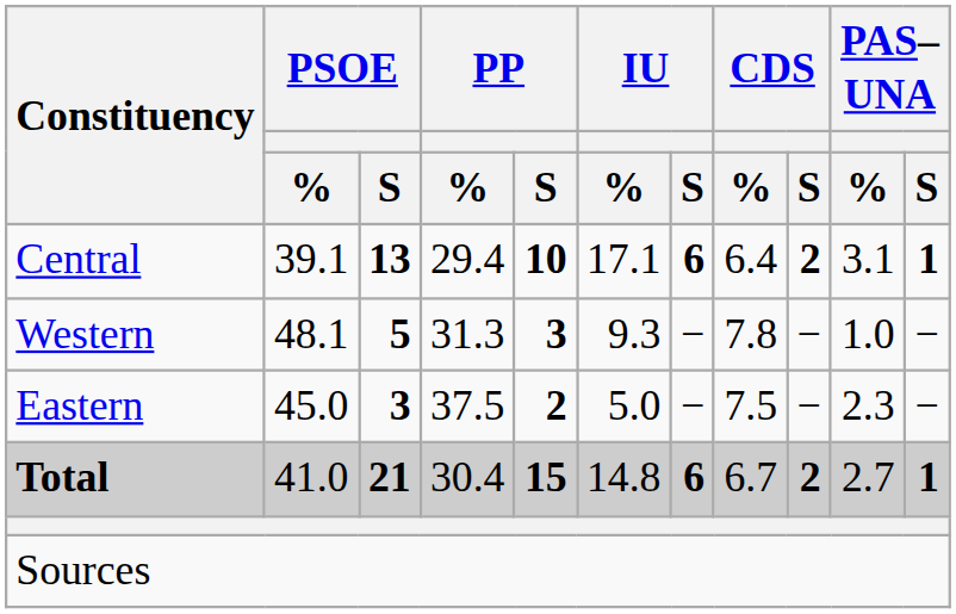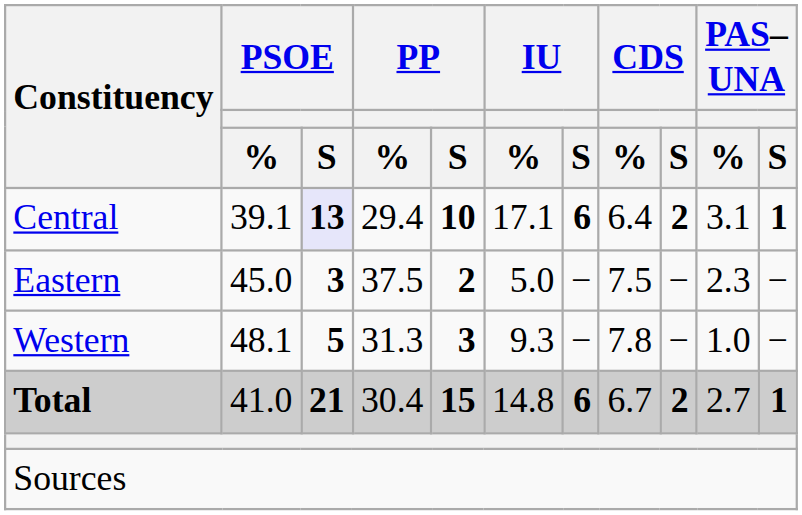 <table class="wikitable sortable" style="text-align:right; line-height:20px;">
 <tr>
 <th rowspan="3">Constituency</th>
 <th colspan="2" width="30px" class="unsortable"><a href='#'>PSOE</a></th>
 <th colspan="2" width="30px" class="unsortable"><a href='#'>PP</a></th>
 <th colspan="2" width="30px" class="unsortable"><a href='#'>IU</a></th>
 <th colspan="2" width="30px" class="unsortable"><a href='#'>CDS</a></th>
 <th colspan="2" width="30px" class="unsortable"><a href='#'>PAS</a>–<a href='#'>UNA</a></th>
 </tr>
 <tr>
 <th colspan="2" style="background:"></th>
 <th colspan="2" style="background:"></th>
 <th colspan="2" style="background:"></th>
 <th colspan="2" style="background:"></th>
 <th colspan="2" style="background:"></th>
 </tr>
 <tr>
 <th data-sort-type="number">%</th>
 <th data-sort-type="number">S</th>
 <th data-sort-type="number">%</th>
 <th data-sort-type="number">S</th>
 <th data-sort-type="number">%</th>
 <th data-sort-type="number">S</th>
 <th data-sort-type="number">%</th>
 <th data-sort-type="number">S</th>
 <th data-sort-type="number">%</th>
 <th data-sort-type="number">S</th>
 </tr>
 <tr>
 <td align="left"><a href='#'>Central</a></td>
 <td style="background:">39.1</td>
-<td><strong>13</strong></td>
+<td style="background: lavender;"><strong>13</strong></td>
 <td>29.4</td>
 <td><strong>10</strong></td>
 <td>17.1</td>
 <td><strong>6</strong></td>
 <td>6.4</td>
 <td><strong>2</strong></td>
 <td>3.1</td>
 <td><strong>1</strong></td>
+</tr>
+<tr>
+<td align="left"><a href='#'>Eastern</a></td>
+<td style="background:">45.0</td>
+<td><strong>3</strong></td>
+<td>37.5</td>
+<td><strong>2</strong></td>
+<td>5.0</td>
+<td>−</td>
+<td>7.5</td>
+<td>−</td>
+<td>2.3</td>
+<td>−</td>
 </tr>
 <tr>
 <td align="left"><a href='#'>Western</a></td>
 <td style="background:">48.1</td>
 <td><strong>5</strong></td>
 <td>31.3</td>
 <td><strong>3</strong></td>
 <td>9.3</td>
 <td>−</td>
 <td>7.8</td>
 <td>−</td>
 <td>1.0</td>
-<td>−</td>
-</tr>
-<tr>
-<td align="left"><a href='#'>Eastern</a></td>
-<td style="background:">45.0</td>
-<td><strong>3</strong></td>
-<td>37.5</td>
-<td><strong>2</strong></td>
-<td>5.0</td>
-<td>−</td>
-<td>7.5</td>
-<td>−</td>
-<td>2.3</td>
 <td>−</td>
 </tr>
 <tr style="background:#CDCDCD;">
 <td align="left"><strong>Total</strong></td>
 <td style="background:">41.0</td>
 <td><strong>21</strong></td>
 <td>30.4</td>
 <td><strong>15</strong></td>
 <td>14.8</td>
 <td><strong>6</strong></td>
 <td>6.7</td>
 <td><strong>2</strong></td>
 <td>2.7</td>
 <td><strong>1</strong></td>
 </tr>
 <tr>
 <th colspan="11"></th>
 </tr>
 <tr>
 <th style="text-align:left; font-weight:normal; background:#F9F9F9" colspan="11">Sources</th>
 </tr>
 </table>
